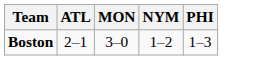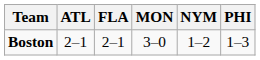 <table class="wikitable" style="text-align:center; font-size: 95%;">
 <tr>
 <th>Team</th>
 <th><strong>ATL</strong></th>
+<th><strong>FLA</strong></th>
 <th><strong>MON</strong></th>
 <th><strong>NYM</strong></th>
 <th><strong>PHI</strong></th>
 </tr>
 <tr>
 <td><strong>Boston</strong></td>
 <td>2–1</td>
+<td>2–1</td>
 <td>3–0</td>
 <td>1–2</td>
 <td>1–3</td>
 </tr>
 </table>
